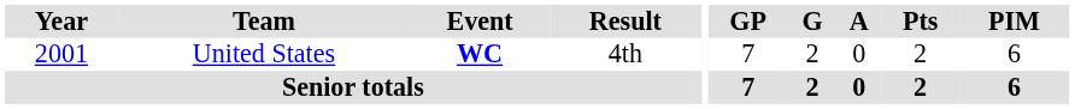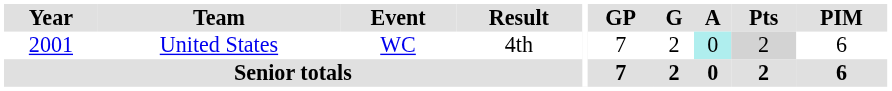 <table border="0" cellpadding="1" cellspacing="0" ID="Table3" style="text-align:center; width:40em">
 <tr ALIGN="center" bgcolor="#e0e0e0">
 <th>Year</th>
 <th>Team</th>
 <th>Event</th>
 <th>Result</th>
 <th rowspan="99" bgcolor="#ffffff"></th>
 <th>GP</th>
 <th>G</th>
 <th>A</th>
 <th>Pts</th>
 <th>PIM</th>
 </tr>
 <tr>
 <td><a href='#'>2001</a></td>
 <td><a href='#'>United States</a></td>
-<td><strong><a href='#'>WC</a></strong></td>
+<td><a href='#'>WC</a></td>
 <td>4th</td>
 <td>7</td>
 <td>2</td>
-<td>0</td>
-<td>2</td>
+<td style="background: paleturquoise;">0</td>
+<td style="background: lightgrey;">2</td>
 <td>6</td>
 </tr>
 <tr bgcolor="#e0e0e0">
 <th colspan="4">Senior totals</th>
 <th>7</th>
 <th>2</th>
 <th>0</th>
 <th>2</th>
 <th>6</th>
 </tr>
 </table>
